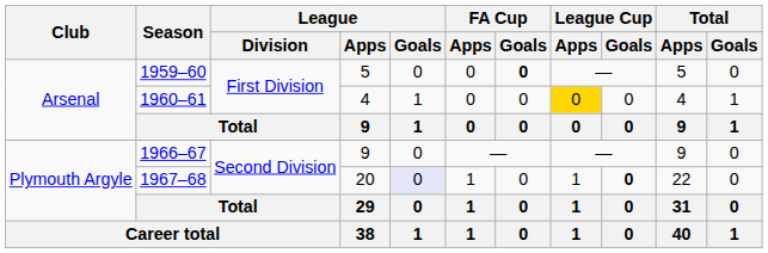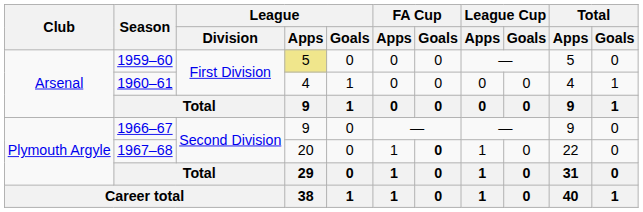 <table class="wikitable" style="text-align: center;">
 <tr>
 <th rowspan="2">Club</th>
 <th rowspan="2">Season</th>
 <th colspan="3">League</th>
 <th colspan="2">FA Cup</th>
 <th colspan="2">League Cup</th>
 <th colspan="2">Total</th>
 </tr>
 <tr>
 <th>Division</th>
 <th>Apps</th>
 <th>Goals</th>
 <th>Apps</th>
 <th>Goals</th>
 <th>Apps</th>
 <th>Goals</th>
 <th>Apps</th>
 <th>Goals</th>
 </tr>
 <tr>
 <td rowspan="3"><a href='#'>Arsenal</a></td>
 <td><a href='#'>1959–60</a></td>
 <td rowspan="2"><a href='#'>First Division</a></td>
-<td>5</td>
+<td style="background: khaki;">5</td>
 <td>0</td>
 <td>0</td>
-<td><strong>0</strong></td>
+<td>0</td>
 <td colspan="2">—</td>
 <td>5</td>
 <td>0</td>
 </tr>
 <tr>
 <td><a href='#'>1960–61</a></td>
 <td>4</td>
 <td>1</td>
 <td>0</td>
 <td>0</td>
-<td style="background: gold;">0</td>
+<td>0</td>
 <td>0</td>
 <td>4</td>
 <td>1</td>
 </tr>
 <tr>
 <th colspan="2">Total</th>
 <th>9</th>
 <th>1</th>
 <th>0</th>
 <th>0</th>
 <th>0</th>
 <th>0</th>
 <th>9</th>
 <th>1</th>
 </tr>
 <tr>
 <td rowspan="3"><a href='#'>Plymouth Argyle</a></td>
 <td><a href='#'>1966–67</a></td>
 <td rowspan="2"><a href='#'>Second Division</a></td>
 <td>9</td>
 <td>0</td>
 <td colspan="2">—</td>
 <td colspan="2">—</td>
 <td>9</td>
 <td>0</td>
 </tr>
 <tr>
 <td><a href='#'>1967–68</a></td>
 <td>20</td>
-<td style="background: lavender;">0</td>
-<td>1</td>
 <td>0</td>
 <td>1</td>
 <td><strong>0</strong></td>
+<td>1</td>
+<td>0</td>
 <td>22</td>
 <td>0</td>
 </tr>
 <tr>
 <th colspan="2">Total</th>
 <th>29</th>
 <th>0</th>
 <th>1</th>
 <th>0</th>
 <th>1</th>
 <th>0</th>
 <th>31</th>
 <th>0</th>
 </tr>
 <tr>
 <th colspan="3">Career total</th>
 <th>38</th>
 <th>1</th>
 <th>1</th>
 <th>0</th>
 <th>1</th>
 <th>0</th>
 <th>40</th>
 <th>1</th>
 </tr>
 </table>
